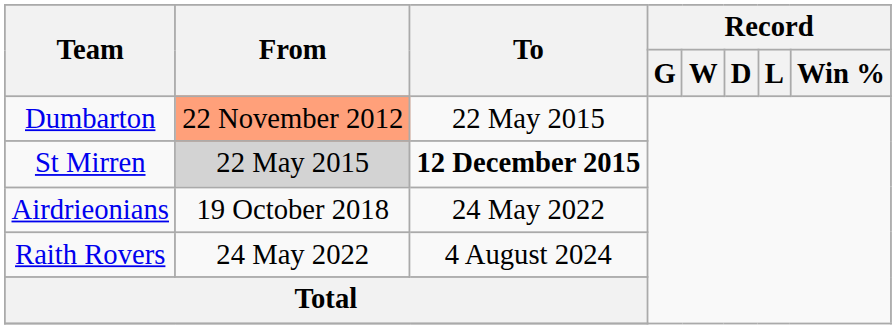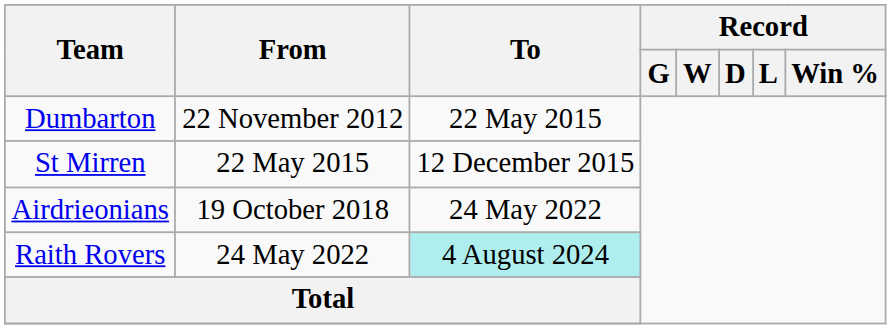 <table class="wikitable" style="text-align: center">
 <tr>
 <th rowspan="2">Team</th>
 <th rowspan="2">From</th>
 <th rowspan="2">To</th>
 <th colspan="5">Record</th>
 </tr>
 <tr>
 <th>G</th>
 <th>W</th>
 <th>D</th>
 <th>L</th>
 <th>Win %</th>
 </tr>
 <tr>
 <td align=centre><a href='#'>Dumbarton</a></td>
-<td align=centre style="background: lightsalmon;">22 November 2012</td>
+<td align=centre>22 November 2012</td>
 <td align=centre>22 May 2015<br></td>
 </tr>
 <tr>
 <td align=centre><a href='#'>St Mirren</a></td>
-<td align=centre style="background: lightgrey;">22 May 2015</td>
-<td align=centre><strong>12 December 2015<br></strong></td>
+<td align=centre>22 May 2015</td>
+<td align=centre>12 December 2015<br></td>
 </tr>
 <tr>
 <td align=centre><a href='#'>Airdrieonians</a></td>
 <td align=centre>19 October 2018</td>
 <td align=centre>24 May 2022<br></td>
 </tr>
 <tr>
 <td align=centre><a href='#'>Raith Rovers</a></td>
 <td align=centre>24 May 2022</td>
-<td align=centre>4 August 2024<br></td>
+<td align=centre style="background: paleturquoise;">4 August 2024<br></td>
 </tr>
 <tr>
 <th colspan="3">Total<br></th>
 </tr>
 <tr>
 </tr>
 </table>
